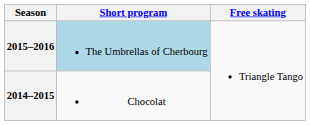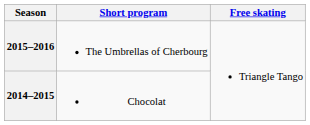 <table class="wikitable" style="text-align:center">
 <tr>
 <th>Season</th>
 <th><a href='#'>Short program</a></th>
 <th><a href='#'>Free skating</a></th>
 </tr>
 <tr>
 <th>2015–2016 <br></th>
-<td style="background: lightblue;"><br><ul><li>The Umbrellas of Cherbourg <br></li></ul></td>
+<td><br><ul><li>The Umbrellas of Cherbourg <br></li></ul></td>
 <td rowspan=2><br><ul><li>Triangle Tango <br></li></ul></td>
 </tr>
 <tr>
 <th>2014–2015 <br></th>
 <td><br><ul><li>Chocolat <br></li></ul></td>
 </tr>
 </table>
